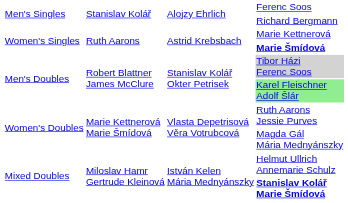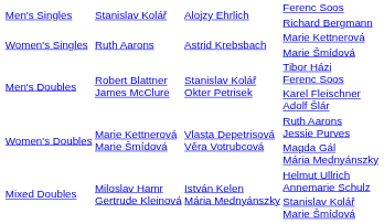 <table>
 <tr>
 <td rowspan=2><a href='#'>Men's Singles</a></td>
 <td rowspan=2> <a href='#'>Stanislav Kolář</a></td>
 <td rowspan=2> <a href='#'>Alojzy Ehrlich</a></td>
 <td> <a href='#'>Ferenc Soos</a></td>
 </tr>
 <tr>
 <td> <a href='#'>Richard Bergmann</a></td>
 </tr>
 <tr>
 <td rowspan=2><a href='#'>Women's Singles</a></td>
 <td rowspan=2> <a href='#'>Ruth Aarons</a></td>
 <td rowspan=2> <a href='#'>Astrid Krebsbach</a></td>
 <td> <a href='#'>Marie Kettnerová</a></td>
 </tr>
 <tr>
-<td><strong> <a href='#'>Marie Šmídová</a></strong></td>
+<td> <a href='#'>Marie Šmídová</a></td>
 </tr>
 <tr>
 <td rowspan=2><a href='#'>Men's Doubles</a></td>
 <td rowspan=2> <a href='#'>Robert Blattner</a><br> <a href='#'>James McClure</a></td>
 <td rowspan=2> <a href='#'>Stanislav Kolář</a><br> <a href='#'>Okter Petrisek</a></td>
-<td style="background: lightgrey;"> <a href='#'>Tibor Házi</a><br> <a href='#'>Ferenc Soos</a></td>
+<td> <a href='#'>Tibor Házi</a><br> <a href='#'>Ferenc Soos</a></td>
 </tr>
 <tr>
-<td style="background: lightgreen;"> <a href='#'>Karel Fleischner</a><br> <a href='#'>Adolf Šlár</a></td>
+<td> <a href='#'>Karel Fleischner</a><br> <a href='#'>Adolf Šlár</a></td>
 </tr>
 <tr>
 <td rowspan=2><a href='#'>Women's Doubles</a></td>
 <td rowspan=2> <a href='#'>Marie Kettnerová</a><br> <a href='#'>Marie Šmídová</a></td>
 <td rowspan=2> <a href='#'>Vlasta Depetrisová</a><br> <a href='#'>Věra Votrubcová</a></td>
 <td> <a href='#'>Ruth Aarons</a><br> <a href='#'>Jessie Purves</a></td>
 </tr>
 <tr>
 <td> <a href='#'>Magda Gál</a><br> <a href='#'>Mária Mednyánszky</a></td>
 </tr>
 <tr>
 <td rowspan=2><a href='#'>Mixed Doubles</a></td>
 <td rowspan=2> <a href='#'>Miloslav Hamr</a><br> <a href='#'>Gertrude Kleinová</a></td>
 <td rowspan=2> <a href='#'>István Kelen</a><br> <a href='#'>Mária Mednyánszky</a></td>
 <td> <a href='#'>Helmut Ullrich</a><br> <a href='#'>Annemarie Schulz</a></td>
 </tr>
 <tr>
-<td><strong> <a href='#'>Stanislav Kolář</a><br> <a href='#'>Marie Šmídová</a></strong></td>
+<td> <a href='#'>Stanislav Kolář</a><br> <a href='#'>Marie Šmídová</a></td>
 </tr>
 </table>
